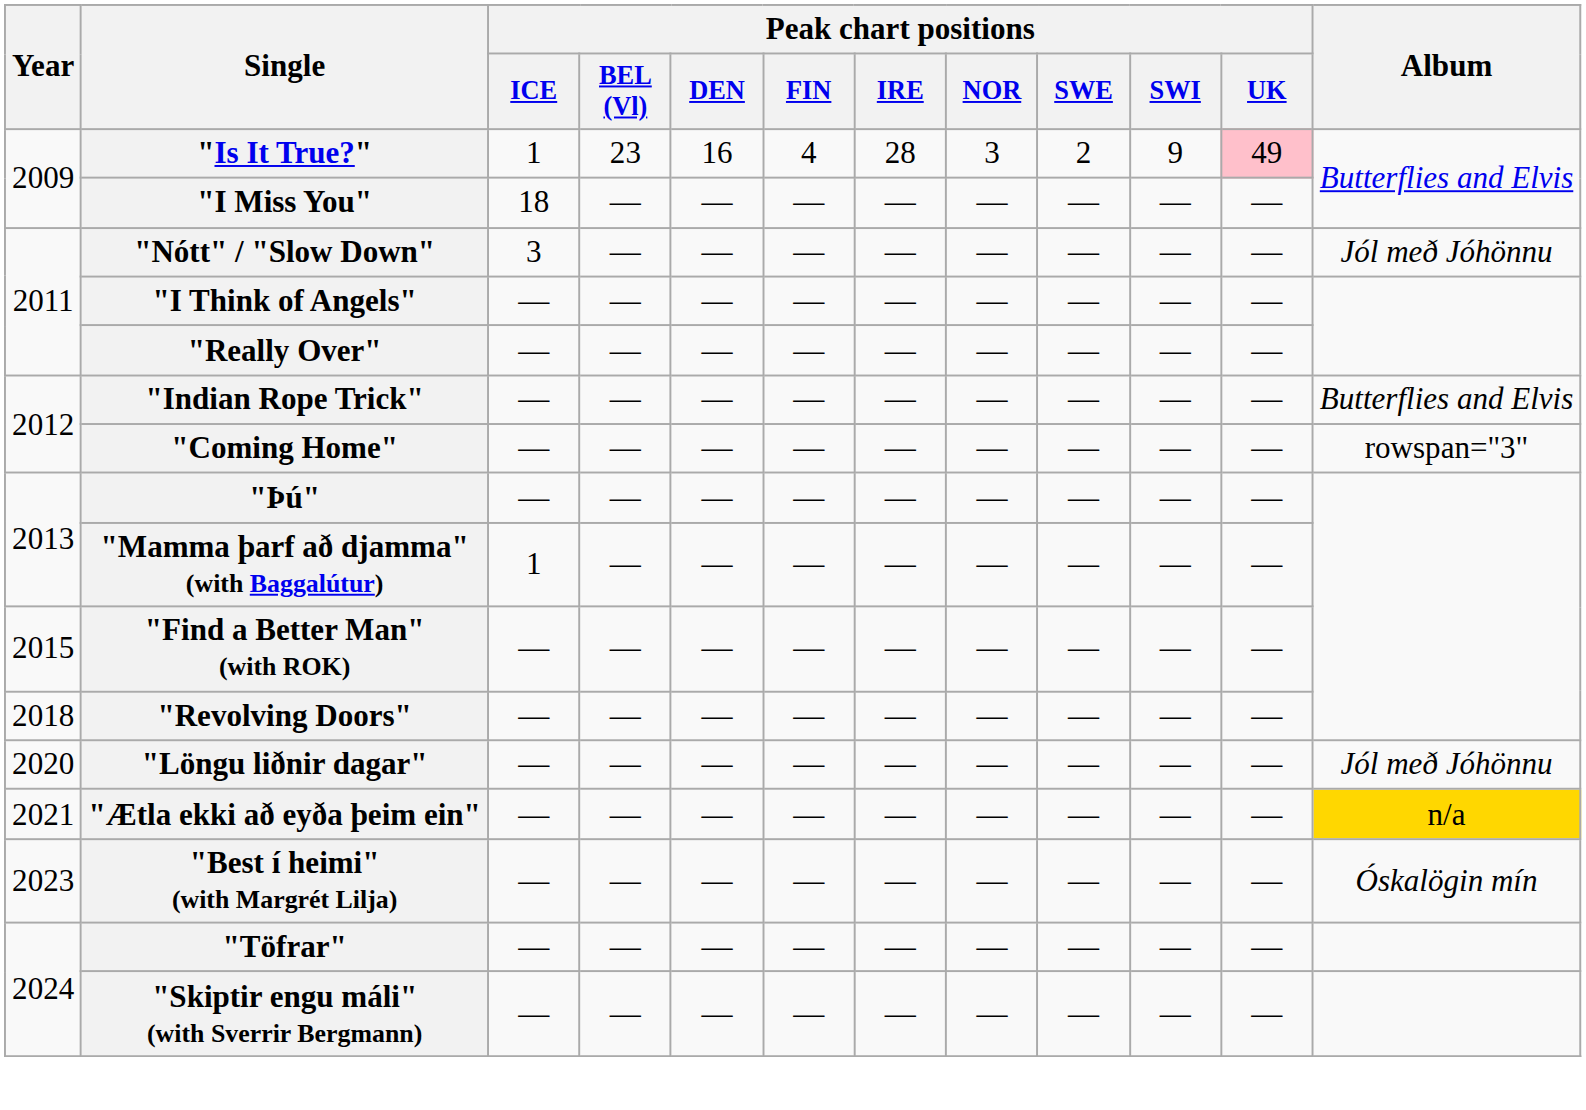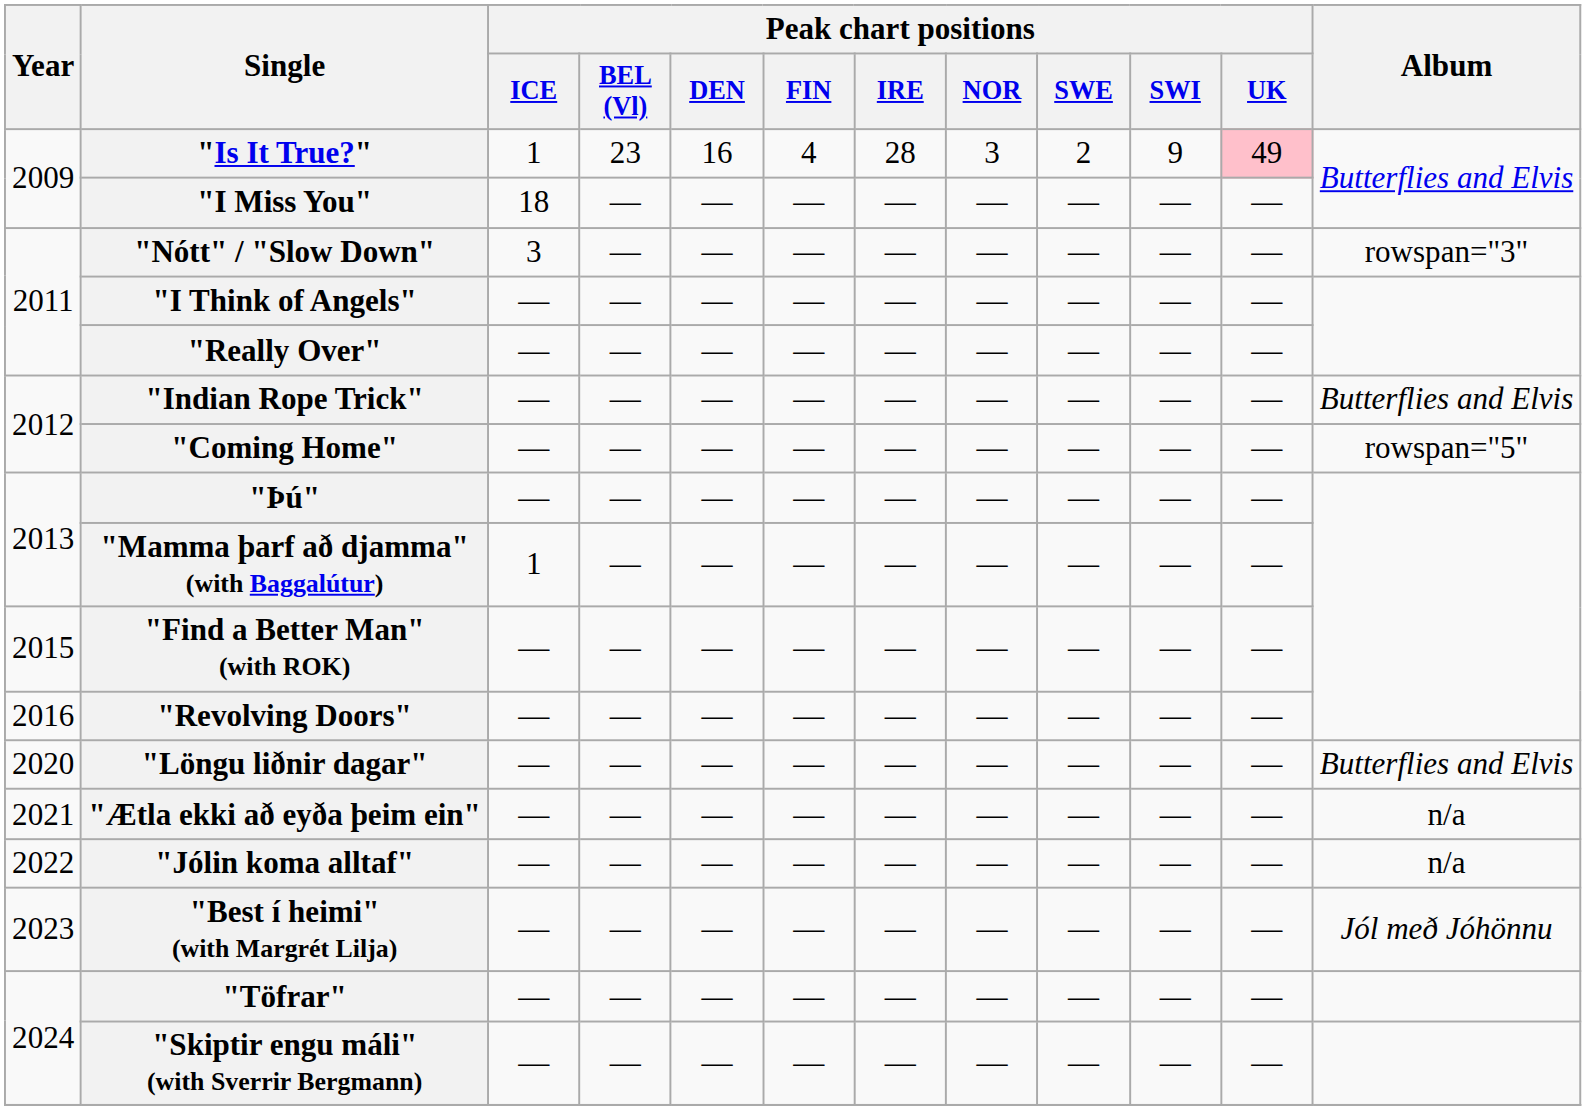 <table class="wikitable plainrowheaders" style="text-align:center;">
 <tr>
 <th scope="col" rowspan="2">Year</th>
 <th scope="col" rowspan="2">Single</th>
 <th scope="col" colspan="9">Peak chart positions</th>
 <th scope="col" rowspan="2">Album</th>
 </tr>
 <tr>
 <th scope="col" style="width:3em;font-size:85%;"><a href='#'>ICE</a></th>
 <th scope="col" style="width:3em;font-size:85%;"><a href='#'>BEL (Vl)</a><br></th>
 <th scope="col" style="width:3em;font-size:85%;"><a href='#'>DEN</a><br></th>
 <th scope="col" style="width:3em;font-size:85%;"><a href='#'>FIN</a><br></th>
 <th scope="col" style="width:3em;font-size:85%;"><a href='#'>IRE</a><br></th>
 <th scope="col" style="width:3em;font-size:85%;"><a href='#'>NOR</a><br></th>
 <th scope="col" style="width:3em;font-size:85%;"><a href='#'>SWE</a><br></th>
 <th scope="col" style="width:3em;font-size:85%;"><a href='#'>SWI</a><br></th>
 <th scope="col" style="width:3em;font-size:85%;"><a href='#'>UK</a><br></th>
 </tr>
 <tr>
 <td rowspan="2">2009</td>
 <th scope="row">"<a href='#'>Is It True?</a>"</th>
 <td>1</td>
 <td>23</td>
 <td>16</td>
 <td>4</td>
 <td>28</td>
 <td>3</td>
 <td>2</td>
 <td>9</td>
 <td style="background: pink;">49</td>
 <td rowspan="2"><em><a href='#'>Butterflies and Elvis</a></em></td>
 </tr>
 <tr>
 <th scope="row">"I Miss You"</th>
 <td>18</td>
 <td>—</td>
 <td>—</td>
 <td>—</td>
 <td>—</td>
 <td>—</td>
 <td>—</td>
 <td>—</td>
 <td>—</td>
 </tr>
 <tr>
 <td rowspan="3">2011</td>
 <th scope="row">"Nótt" / "Slow Down"</th>
 <td>3</td>
 <td>—</td>
 <td>—</td>
 <td>—</td>
 <td>—</td>
 <td>—</td>
 <td>—</td>
 <td>—</td>
 <td>—</td>
-<td><em>Jól með Jóhönnu</em></td>
+<td>rowspan="3" </td>
 </tr>
 <tr>
 <th scope="row">"I Think of Angels"</th>
 <td>—</td>
 <td>—</td>
 <td>—</td>
 <td>—</td>
 <td>—</td>
 <td>—</td>
 <td>—</td>
 <td>—</td>
 <td>—</td>
 </tr>
 <tr>
 <th scope="row">"Really Over"</th>
 <td>—</td>
 <td>—</td>
 <td>—</td>
 <td>—</td>
 <td>—</td>
 <td>—</td>
 <td>—</td>
 <td>—</td>
 <td>—</td>
 </tr>
 <tr>
 <td rowspan="2">2012</td>
 <th scope="row">"Indian Rope Trick"</th>
 <td>—</td>
 <td>—</td>
 <td>—</td>
 <td>—</td>
 <td>—</td>
 <td>—</td>
 <td>—</td>
 <td>—</td>
 <td>—</td>
 <td><em>Butterflies and Elvis</em></td>
 </tr>
 <tr>
 <th scope="row">"Coming Home"</th>
 <td>—</td>
 <td>—</td>
 <td>—</td>
 <td>—</td>
 <td>—</td>
 <td>—</td>
 <td>—</td>
 <td>—</td>
 <td>—</td>
-<td>rowspan="3" </td>
+<td>rowspan="5" </td>
 </tr>
 <tr>
 <td rowspan=2>2013</td>
 <th scope="row">"Þú"</th>
 <td>—</td>
 <td>—</td>
 <td>—</td>
 <td>—</td>
 <td>—</td>
 <td>—</td>
 <td>—</td>
 <td>—</td>
 <td>—</td>
 </tr>
 <tr>
 <th scope="row">"Mamma þarf að djamma" <br><small>(with <a href='#'>Baggalútur</a>)</small></th>
 <td>1</td>
 <td>—</td>
 <td>—</td>
 <td>—</td>
 <td>—</td>
 <td>—</td>
 <td>—</td>
 <td>—</td>
 <td>—</td>
 </tr>
 <tr>
 <td rowspan=1>2015</td>
 <th scope="row">"Find a Better Man" <br><small>(with ROK)</small></th>
 <td>—</td>
 <td>—</td>
 <td>—</td>
 <td>—</td>
 <td>—</td>
 <td>—</td>
 <td>—</td>
 <td>—</td>
 <td>—</td>
 </tr>
 <tr>
-<td rowspan=1>2018</td>
+<td rowspan=1>2016</td>
 <th scope="row">"Revolving Doors"</th>
 <td>—</td>
 <td>—</td>
 <td>—</td>
 <td>—</td>
 <td>—</td>
 <td>—</td>
 <td>—</td>
 <td>—</td>
 <td>—</td>
 </tr>
 <tr>
 <td rowspan="1">2020</td>
 <th scope="row">"Löngu liðnir dagar"</th>
 <td>—</td>
 <td>—</td>
 <td>—</td>
 <td>—</td>
 <td>—</td>
 <td>—</td>
 <td>—</td>
 <td>—</td>
 <td>—</td>
-<td><em>Jól með Jóhönnu</em></td>
+<td><em>Butterflies and Elvis</em></td>
 </tr>
 <tr>
 <td>2021</td>
 <th scope="row">"Ætla ekki að eyða þeim ein"</th>
 <td>—</td>
 <td>—</td>
 <td>—</td>
 <td>—</td>
 <td>—</td>
 <td>—</td>
 <td>—</td>
 <td>—</td>
 <td>—</td>
-<td style="background: gold;">n/a</td>
+<td>n/a</td>
+</tr>
+<tr>
+<td>2022</td>
+<th scope="row">"Jólin koma alltaf"</th>
+<td>—</td>
+<td>—</td>
+<td>—</td>
+<td>—</td>
+<td>—</td>
+<td>—</td>
+<td>—</td>
+<td>—</td>
+<td>—</td>
+<td>n/a</td>
 </tr>
 <tr>
 <td>2023</td>
 <th scope="row">"Best í heimi" <br><small>(with Margrét Lilja)</small></th>
 <td>—</td>
 <td>—</td>
 <td>—</td>
 <td>—</td>
 <td>—</td>
 <td>—</td>
 <td>—</td>
 <td>—</td>
 <td>—</td>
-<td><em>Óskalögin mín</em></td>
+<td><em>Jól með Jóhönnu</em></td>
 </tr>
 <tr>
 <td rowspan=2>2024</td>
 <th scope="row">"Töfrar"</th>
 <td>—</td>
 <td>—</td>
 <td>—</td>
 <td>—</td>
 <td>—</td>
 <td>—</td>
 <td>—</td>
 <td>—</td>
 <td>—</td>
 <td></td>
 </tr>
 <tr>
 <th scope="row">"Skiptir engu máli"<br><small>(with Sverrir Bergmann)</small></th>
 <td>—</td>
 <td>—</td>
 <td>—</td>
 <td>—</td>
 <td>—</td>
 <td>—</td>
 <td>—</td>
 <td>—</td>
 <td>—</td>
 <td></td>
 </tr>
 <tr>
 </tr>
 </table>
